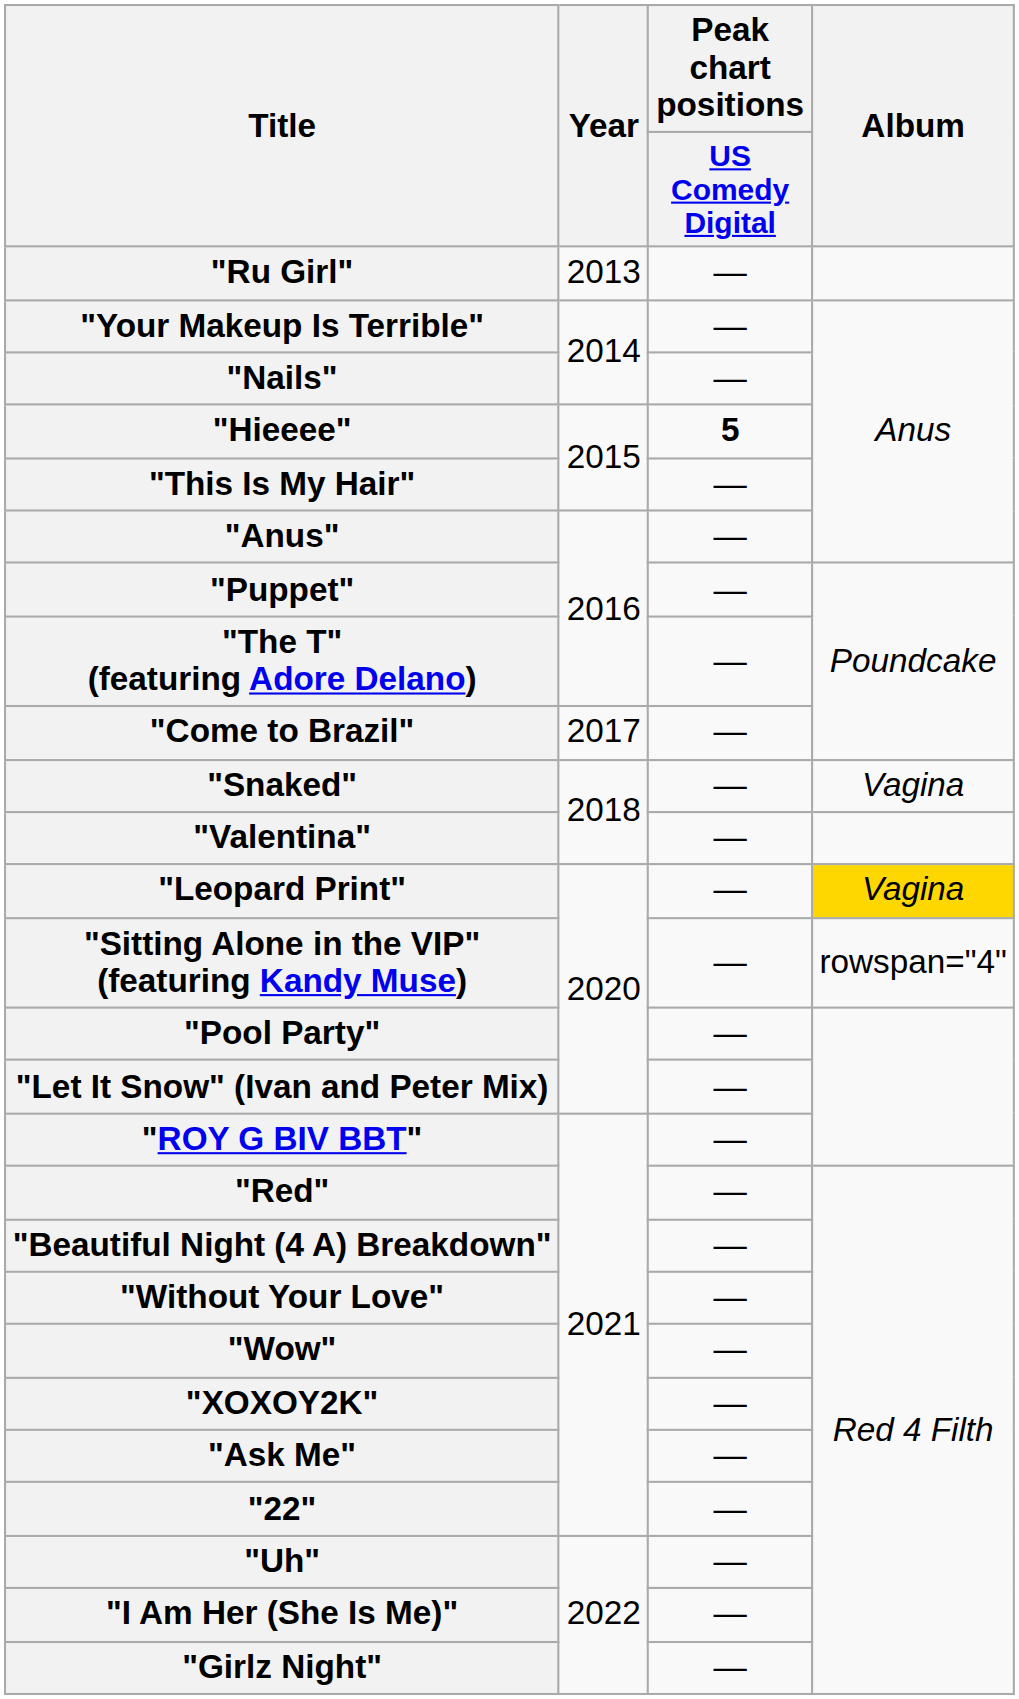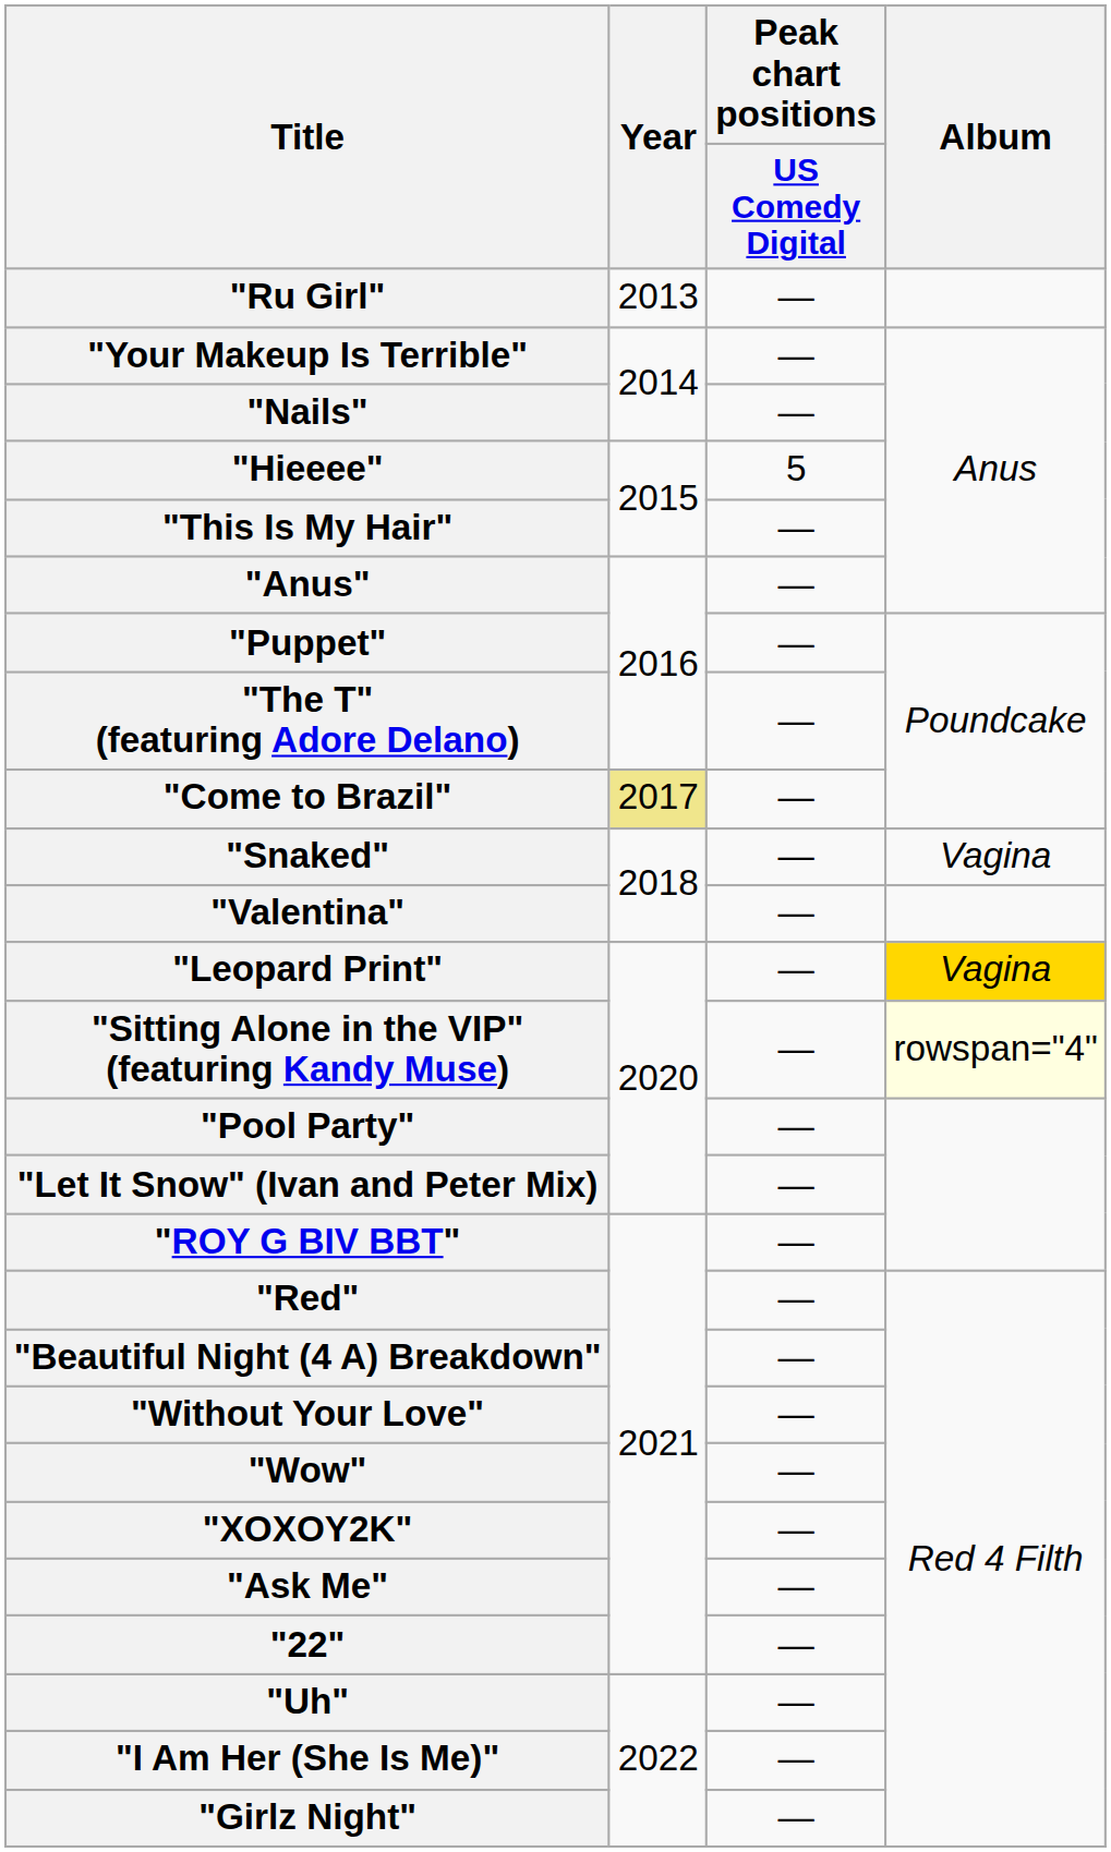 <table class="wikitable plainrowheaders" style="text-align:center;" border="1">
 <tr>
 <th scope="col" rowspan="2">Title</th>
 <th scope="col" rowspan="2">Year</th>
 <th scope="col" colspan="1">Peak chart positions</th>
 <th scope="col" rowspan="2">Album</th>
 </tr>
 <tr>
 <th scope="col" style="width:3em;font-size:90%;"><a href='#'>US<br>Comedy<br>Digital</a><br></th>
 </tr>
 <tr>
 <th scope="row">"Ru Girl"</th>
 <td>2013</td>
 <td>—</td>
 <td></td>
 </tr>
 <tr>
 <th scope="row">"Your Makeup Is Terrible"</th>
 <td rowspan="2">2014</td>
 <td>—</td>
 <td rowspan="5"><em>Anus</em></td>
 </tr>
 <tr>
 <th scope="row">"Nails"</th>
 <td>—</td>
 </tr>
 <tr>
 <th scope="row">"Hieeee"</th>
 <td rowspan="2">2015</td>
-<td><strong>5</strong></td>
+<td>5</td>
 </tr>
 <tr>
 <th scope="row">"This Is My Hair"</th>
 <td>—</td>
 </tr>
 <tr>
 <th scope="row">"Anus"</th>
 <td rowspan="3">2016</td>
 <td>—</td>
 </tr>
 <tr>
 <th scope="row">"Puppet"</th>
 <td>—</td>
 <td rowspan="3"><em>Poundcake</em></td>
 </tr>
 <tr>
 <th scope="row">"The T"<br><span>(featuring <a href='#'>Adore Delano</a>)</span></th>
 <td>—</td>
 </tr>
 <tr>
 <th scope="row">"Come to Brazil"</th>
-<td>2017</td>
+<td style="background: khaki;">2017</td>
 <td>—</td>
 </tr>
 <tr>
 <th scope="row">"Snaked"</th>
 <td rowspan="2">2018</td>
 <td>—</td>
 <td><em>Vagina</em></td>
 </tr>
 <tr>
 <th scope="row">"Valentina"</th>
 <td>—</td>
 <td></td>
 </tr>
 <tr>
 <th scope="row">"Leopard Print"</th>
 <td rowspan="4">2020</td>
 <td>—</td>
 <td style="background: gold;"><em>Vagina</em></td>
 </tr>
 <tr>
 <th scope="row">"Sitting Alone in the VIP"<br><span>(featuring <a href='#'>Kandy Muse</a>)</span></th>
 <td>—</td>
-<td>rowspan="4" </td>
+<td style="background: lightyellow;">rowspan="4" </td>
 </tr>
 <tr>
 <th scope="row">"Pool Party"</th>
 <td>—</td>
 </tr>
 <tr>
 <th scope="row">"Let It Snow" (Ivan and Peter Mix)</th>
 <td>—</td>
 </tr>
 <tr>
 <th scope="row">"<a href='#'>ROY G BIV BBT</a>"</th>
 <td rowspan="8">2021</td>
 <td>—</td>
 </tr>
 <tr>
 <th scope="row">"Red"</th>
 <td>—</td>
 <td rowspan="10"><em>Red 4 Filth</em></td>
 </tr>
 <tr>
 <th scope="row">"Beautiful Night (4 A) Breakdown"</th>
 <td>—</td>
 </tr>
 <tr>
 <th scope="row">"Without Your Love"</th>
 <td>—</td>
 </tr>
 <tr>
 <th scope="row">"Wow"</th>
 <td>—</td>
 </tr>
 <tr>
 <th scope="row">"XOXOY2K"</th>
 <td>—</td>
 </tr>
 <tr>
 <th scope="row">"Ask Me"</th>
 <td>—</td>
 </tr>
 <tr>
 <th scope="row">"22"</th>
 <td>—</td>
 </tr>
 <tr>
 <th scope="row">"Uh"</th>
 <td rowspan="3">2022</td>
 <td>—</td>
 </tr>
 <tr>
 <th scope="row">"I Am Her (She Is Me)"<br></th>
 <td>—</td>
 </tr>
 <tr>
 <th scope="row">"Girlz Night"<br></th>
 <td>—</td>
 </tr>
 </table>
